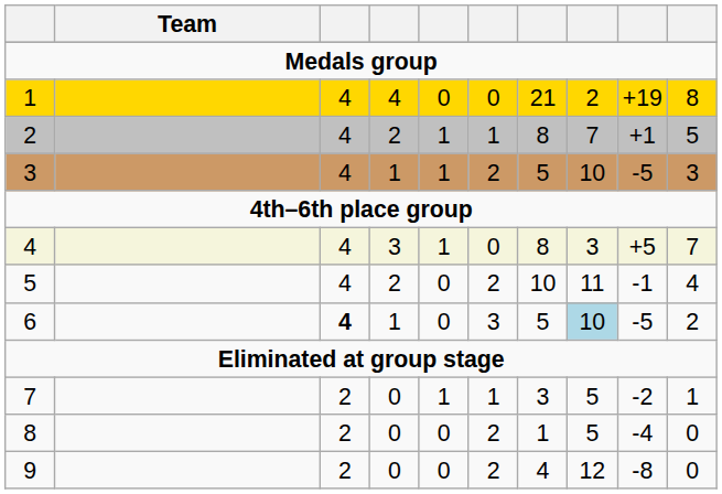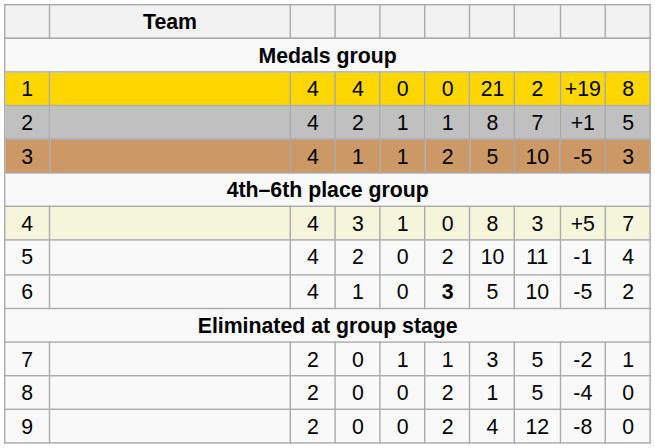 <table class="wikitable" style="font-size: 95%; text-align: center;">
 <tr>
 <th width=25></th>
 <th width=165>Team</th>
 <th width=25></th>
 <th width=25></th>
 <th width=25></th>
 <th width=25></th>
 <th width=25></th>
 <th width=25></th>
 <th width=25></th>
 <th width=25></th>
 </tr>
 <tr>
 </tr>
 <tr>
 <td colspan="10"><strong>Medals group</strong></td>
 </tr>
 <tr style="background:gold;">
 <td>1</td>
 <td style="text-align:left;"></td>
 <td>4</td>
 <td>4</td>
 <td>0</td>
 <td>0</td>
 <td>21</td>
 <td>2</td>
 <td>+19</td>
 <td>8</td>
 </tr>
 <tr style="background:silver;">
 <td>2</td>
 <td style="text-align:left;"></td>
 <td>4</td>
 <td>2</td>
 <td>1</td>
 <td>1</td>
 <td>8</td>
 <td>7</td>
 <td>+1</td>
 <td>5</td>
 </tr>
 <tr style="background:#c96;">
 <td>3</td>
 <td style="text-align:left;"></td>
 <td>4</td>
 <td>1</td>
 <td>1</td>
 <td>2</td>
 <td>5</td>
 <td>10</td>
 <td>-5</td>
 <td>3</td>
 </tr>
 <tr>
 <td colspan="10"><strong>4th–6th place group</strong></td>
 </tr>
 <tr style="background:beige;">
 <td>4</td>
 <td style="text-align:left;"></td>
 <td>4</td>
 <td>3</td>
 <td>1</td>
 <td>0</td>
 <td>8</td>
 <td>3</td>
 <td>+5</td>
 <td>7</td>
 </tr>
 <tr>
 <td>5</td>
 <td style="text-align:left;"></td>
 <td>4</td>
 <td>2</td>
 <td>0</td>
 <td>2</td>
 <td>10</td>
 <td>11</td>
 <td>-1</td>
 <td>4</td>
 </tr>
 <tr>
 <td>6</td>
 <td style="text-align:left;"></td>
-<td><strong>4</strong></td>
+<td>4</td>
 <td>1</td>
 <td>0</td>
-<td>3</td>
+<td><strong>3</strong></td>
 <td>5</td>
-<td style="background: lightblue;">10</td>
+<td>10</td>
 <td>-5</td>
 <td>2</td>
 </tr>
 <tr>
 <td colspan="10"><strong>Eliminated at group stage</strong></td>
 </tr>
 <tr>
 <td>7</td>
 <td style="text-align:left;"></td>
 <td>2</td>
 <td>0</td>
 <td>1</td>
 <td>1</td>
 <td>3</td>
 <td>5</td>
 <td>-2</td>
 <td>1</td>
 </tr>
 <tr>
 <td>8</td>
 <td style="text-align:left;"></td>
 <td>2</td>
 <td>0</td>
 <td>0</td>
 <td>2</td>
 <td>1</td>
 <td>5</td>
 <td>-4</td>
 <td>0</td>
 </tr>
 <tr>
 <td>9</td>
 <td style="text-align:left;"></td>
 <td>2</td>
 <td>0</td>
 <td>0</td>
 <td>2</td>
 <td>4</td>
 <td>12</td>
 <td>-8</td>
 <td>0</td>
 </tr>
 </table>
